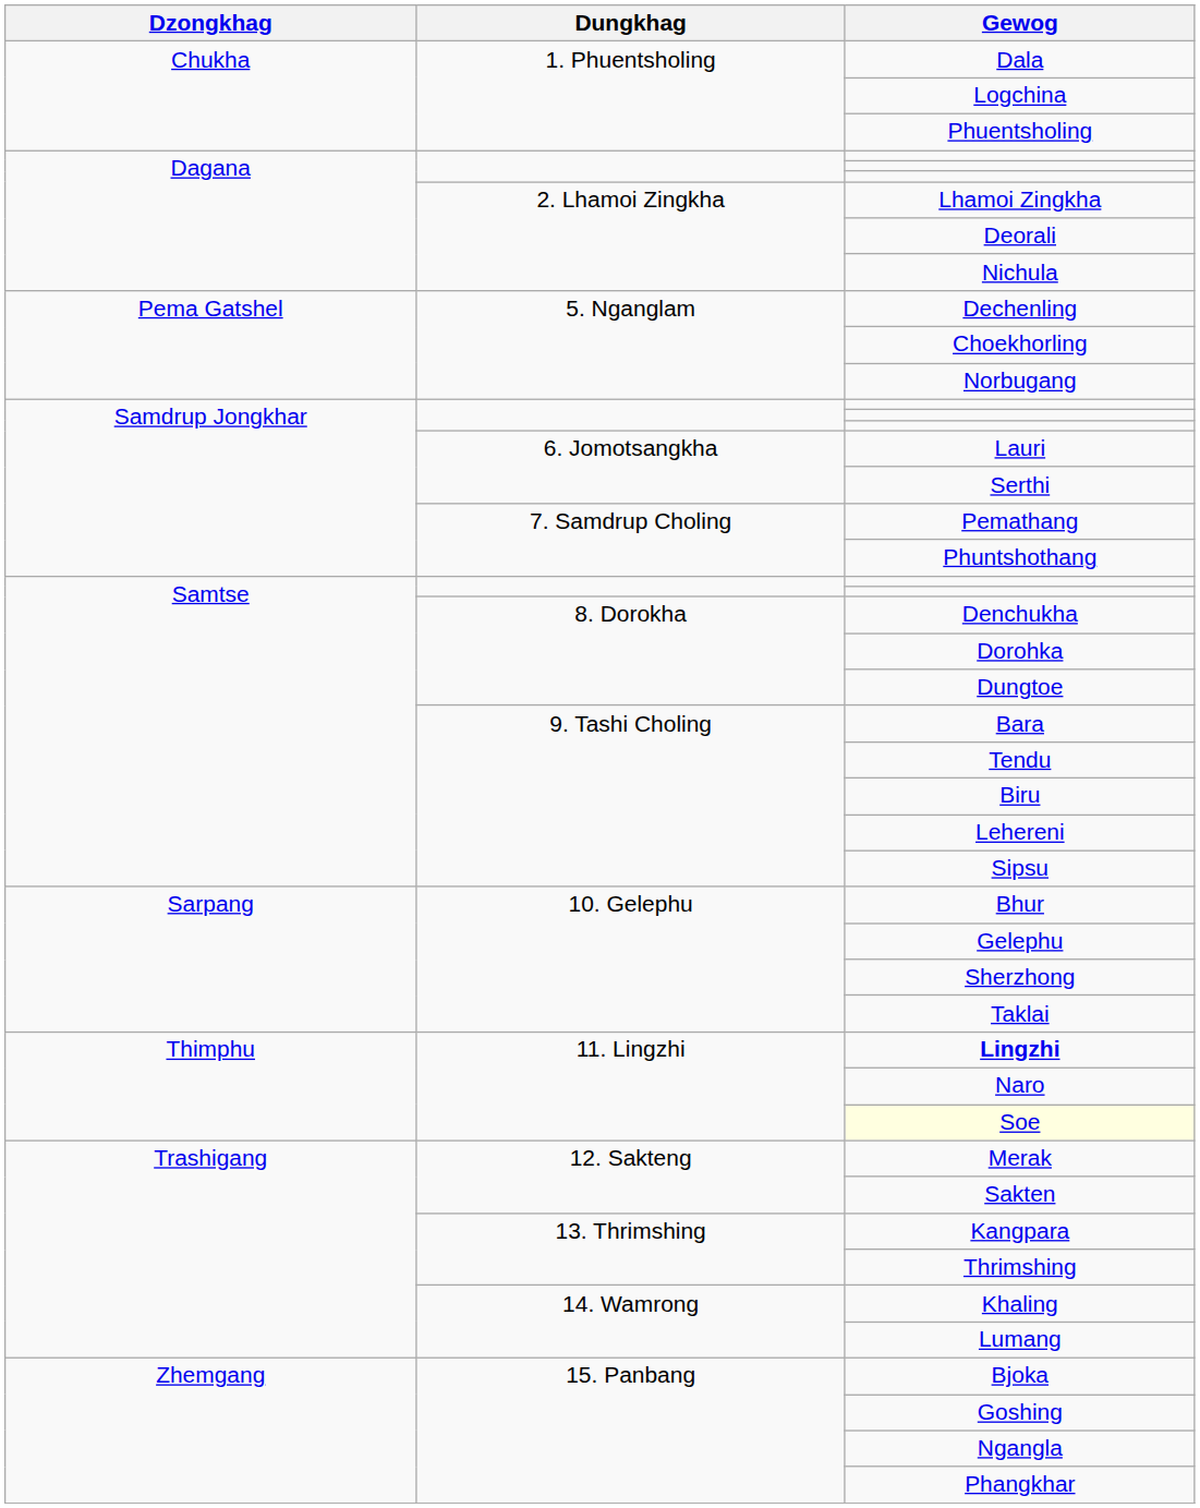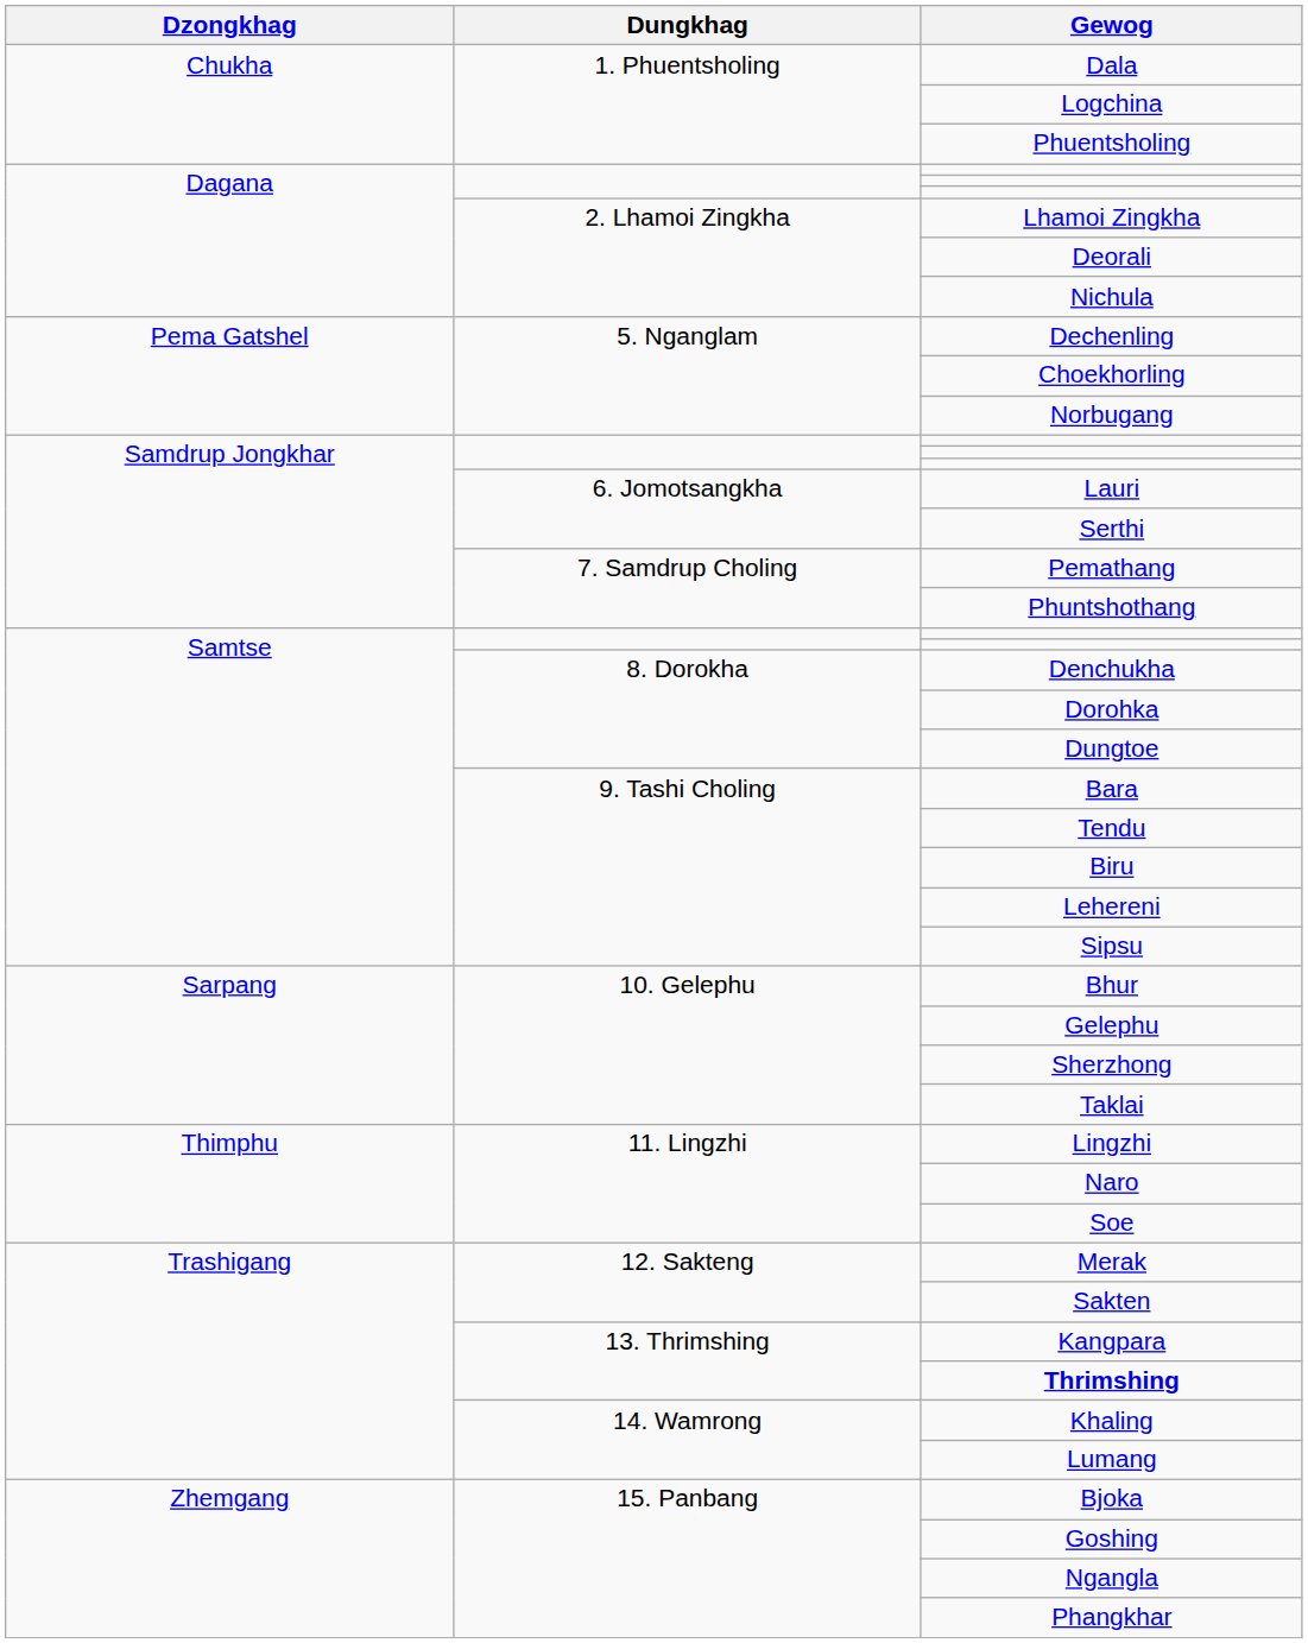 <table class="wikitable" style="width:66%; text-align:center" align="center">
 <tr>
 <th><a href='#'>Dzongkhag</a></th>
 <th>Dungkhag</th>
 <th><a href='#'>Gewog</a></th>
 </tr>
 <tr>
 <td rowspan=3 valign="top"><a href='#'>Chukha</a><br></td>
 <td rowspan=3 valign="top">1. Phuentsholing</td>
 <td><a href='#'>Dala</a></td>
 </tr>
 <tr>
 <td><a href='#'>Logchina</a></td>
 </tr>
 <tr>
 <td><a href='#'>Phuentsholing</a></td>
 </tr>
 <tr>
 <td rowspan=6 valign="top"><a href='#'>Dagana</a><br></td>
 <td rowspan=3 valign="top"></td>
 <td></td>
 </tr>
 <tr>
 <td></td>
 </tr>
 <tr>
 <td></td>
 </tr>
 <tr>
 <td rowspan=3 valign="top">2. Lhamoi Zingkha</td>
 <td><a href='#'>Lhamoi Zingkha</a></td>
 </tr>
 <tr>
 <td><a href='#'>Deorali</a></td>
 </tr>
 <tr>
 <td><a href='#'>Nichula</a></td>
 </tr>
 <tr>
 <td rowspan=3 valign="top"><a href='#'>Pema Gatshel</a><br></td>
 <td rowspan=3 valign="top">5. Nganglam</td>
 <td><a href='#'>Dechenling</a></td>
 </tr>
 <tr>
 <td><a href='#'>Choekhorling</a></td>
 </tr>
 <tr>
 <td><a href='#'>Norbugang</a></td>
 </tr>
 <tr>
 <td rowspan=7 valign="top"><a href='#'>Samdrup Jongkhar</a><br></td>
 <td rowspan=3 valign="top"></td>
 <td></td>
 </tr>
 <tr>
 <td></td>
 </tr>
 <tr>
 <td></td>
 </tr>
 <tr>
 <td rowspan=2 valign="top">6. Jomotsangkha</td>
 <td><a href='#'>Lauri</a></td>
 </tr>
 <tr>
 <td><a href='#'>Serthi</a></td>
 </tr>
 <tr>
 <td rowspan=2 valign="top">7. Samdrup Choling</td>
 <td><a href='#'>Pemathang</a></td>
 </tr>
 <tr>
 <td><a href='#'>Phuntshothang</a></td>
 </tr>
 <tr>
 <td rowspan=10 valign="top"><a href='#'>Samtse</a><br></td>
 <td rowspan=2 valign="top"></td>
 <td></td>
 </tr>
 <tr>
 <td></td>
 </tr>
 <tr>
 <td rowspan=3 valign="top">8. Dorokha</td>
 <td><a href='#'>Denchukha</a></td>
 </tr>
 <tr>
 <td><a href='#'>Dorohka</a></td>
 </tr>
 <tr>
 <td><a href='#'>Dungtoe</a></td>
 </tr>
 <tr>
 <td rowspan=5 valign="top">9. Tashi Choling</td>
 <td><a href='#'>Bara</a></td>
 </tr>
 <tr>
 <td><a href='#'>Tendu</a></td>
 </tr>
 <tr>
 <td><a href='#'>Biru</a></td>
 </tr>
 <tr>
 <td><a href='#'>Lehereni</a></td>
 </tr>
 <tr>
 <td><a href='#'>Sipsu</a></td>
 </tr>
 <tr>
 <td rowspan=4 valign="top"><a href='#'>Sarpang</a><br></td>
 <td rowspan=4 valign="top">10. Gelephu</td>
 <td><a href='#'>Bhur</a></td>
 </tr>
 <tr>
 <td><a href='#'>Gelephu</a></td>
 </tr>
 <tr>
 <td><a href='#'>Sherzhong</a></td>
 </tr>
 <tr>
 <td><a href='#'>Taklai</a></td>
 </tr>
 <tr>
 <td rowspan=3 valign="top"><a href='#'>Thimphu</a><br></td>
 <td rowspan=3 valign="top">11. Lingzhi</td>
-<td><strong><a href='#'>Lingzhi</a></strong></td>
+<td><a href='#'>Lingzhi</a></td>
 </tr>
 <tr>
 <td><a href='#'>Naro</a></td>
 </tr>
 <tr>
-<td style="background: lightyellow;"><a href='#'>Soe</a></td>
+<td><a href='#'>Soe</a></td>
 </tr>
 <tr>
 <td rowspan=6 valign="top"><a href='#'>Trashigang</a><br></td>
 <td rowspan=2 valign="top">12. Sakteng</td>
 <td><a href='#'>Merak</a></td>
 </tr>
 <tr>
 <td><a href='#'>Sakten</a></td>
 </tr>
 <tr>
 <td rowspan=2 valign="top">13. Thrimshing</td>
 <td><a href='#'>Kangpara</a></td>
 </tr>
 <tr>
-<td><a href='#'>Thrimshing</a></td>
+<td><strong><a href='#'>Thrimshing</a></strong></td>
 </tr>
 <tr>
 <td rowspan=2 valign="top">14. Wamrong</td>
 <td><a href='#'>Khaling</a></td>
 </tr>
 <tr>
 <td><a href='#'>Lumang</a></td>
 </tr>
 <tr>
 <td rowspan=4 valign="top"><a href='#'>Zhemgang</a><br></td>
 <td rowspan=4 valign="top">15. Panbang</td>
 <td><a href='#'>Bjoka</a></td>
 </tr>
 <tr>
 <td><a href='#'>Goshing</a></td>
 </tr>
 <tr>
 <td><a href='#'>Ngangla</a></td>
 </tr>
 <tr>
 <td><a href='#'>Phangkhar</a></td>
 </tr>
 <tr>
 </tr>
 </table>
